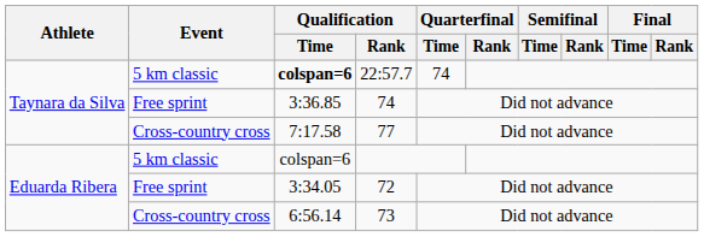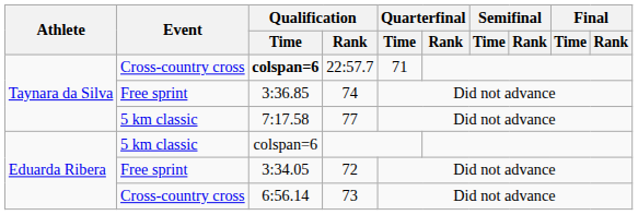 <table class="wikitable" style="font-size:90%">
 <tr>
 <th rowspan="2">Athlete</th>
 <th rowspan="2">Event</th>
 <th colspan="2">Qualification</th>
 <th colspan="2">Quarterfinal</th>
 <th colspan="2">Semifinal</th>
 <th colspan="2">Final</th>
 </tr>
 <tr style="font-size:95%">
 <th>Time</th>
 <th>Rank</th>
 <th>Time</th>
 <th>Rank</th>
 <th>Time</th>
 <th>Rank</th>
 <th>Time</th>
 <th>Rank</th>
 </tr>
 <tr align=center>
 <td align=left rowspan=3><a href='#'>Taynara da Silva</a></td>
-<td align=left><a href='#'>5 km classic</a></td>
+<td align=left><a href='#'>Cross-country cross</a></td>
 <td><strong>colspan=6 </strong></td>
 <td>22:57.7</td>
-<td>74</td>
+<td>71</td>
 </tr>
 <tr align=center>
 <td align=left><a href='#'>Free sprint</a></td>
 <td>3:36.85</td>
 <td>74</td>
 <td colspan="6">Did not advance</td>
 </tr>
 <tr align=center>
-<td align=left><a href='#'>Cross-country cross</a></td>
+<td align=left><a href='#'>5 km classic</a></td>
 <td>7:17.58</td>
 <td>77</td>
 <td colspan="6">Did not advance</td>
 </tr>
 <tr align=center>
 <td align=left rowspan=3><a href='#'>Eduarda Ribera</a></td>
 <td align=left><a href='#'>5 km classic</a></td>
 <td>colspan=6 </td>
 <td colspan=2></td>
 </tr>
 <tr align=center>
 <td align=left><a href='#'>Free sprint</a></td>
 <td>3:34.05</td>
 <td>72</td>
 <td colspan="6">Did not advance</td>
 </tr>
 <tr align=center>
 <td align=left><a href='#'>Cross-country cross</a></td>
 <td>6:56.14</td>
 <td>73</td>
 <td colspan="6">Did not advance</td>
 </tr>
 </table>
